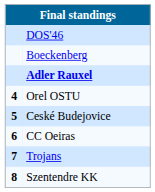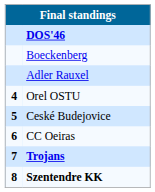 <table align=center cellpadding="4" cellspacing="0" style="background: #D0E7FF; border: 1px #aaa solid; border-collapse: collapse; font-size: 90%;" width=180>
 <tr align=center bgcolor=#006699 style="color:white;">
 <th width=100% colspan=2>Final standings</th>
 </tr>
 <tr align=center bgcolor=#D0E7FF>
 <td></td>
-<td align=left><a href='#'>DOS'46</a></td>
+<td align=left><strong><a href='#'>DOS'46</a></strong></td>
 </tr>
 <tr align=center bgcolor=#F5FAFF>
 <td></td>
 <td align=left><a href='#'>Boeckenberg</a></td>
 </tr>
 <tr align=center bgcolor=#D0E7FF>
 <td></td>
-<td align=left><strong><a href='#'>Adler Rauxel</a></strong></td>
+<td align=left><a href='#'>Adler Rauxel</a></td>
 </tr>
 <tr align=center bgcolor=#F5FAFF>
 <td><strong>4</strong></td>
 <td align=left>Orel OSTU</td>
 </tr>
 <tr align=center bgcolor=#D0E7FF>
 <td><strong>5</strong></td>
 <td align=left>Ceské Budejovice</td>
 </tr>
 <tr align=center bgcolor=#F5FAFF>
 <td><strong>6</strong></td>
 <td align=left>CC Oeiras</td>
 </tr>
 <tr align=center bgcolor=#D0E7FF>
 <td><strong>7</strong></td>
-<td align=left><a href='#'>Trojans</a></td>
+<td align=left><strong><a href='#'>Trojans</a></strong></td>
 </tr>
 <tr align=center bgcolor=#F5FAFF>
 <td><strong>8</strong></td>
-<td align=left>Szentendre KK</td>
+<td align=left><strong>Szentendre KK</strong></td>
 </tr>
 </table>
